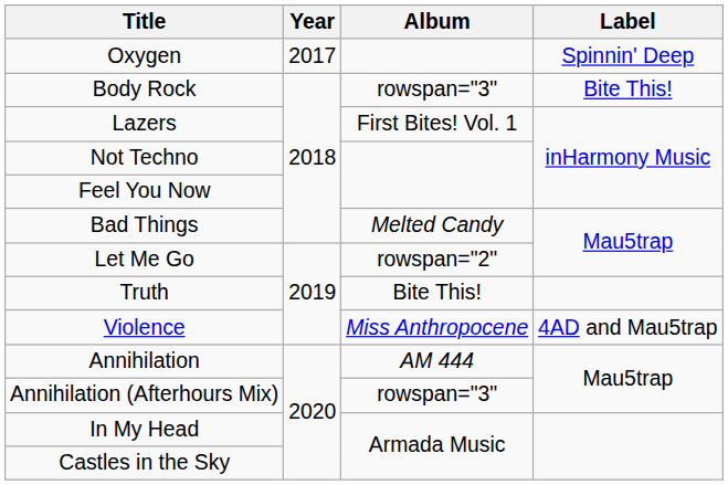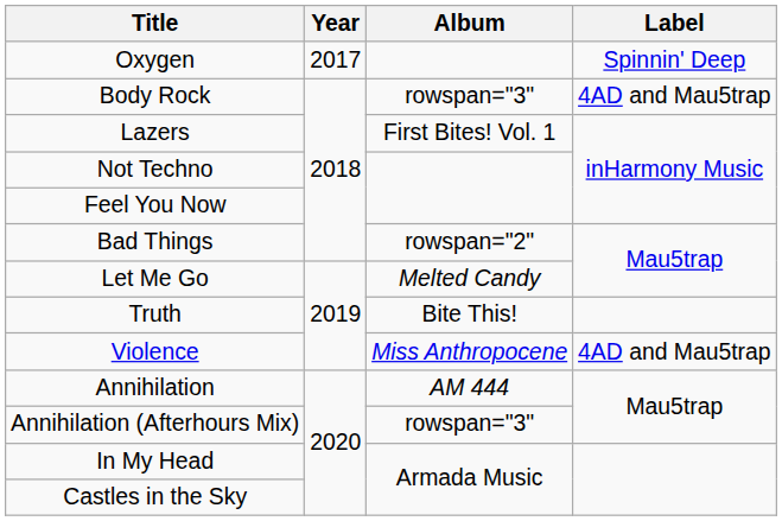 <table class="wikitable plainrowheaders" style="text-align:center;">
 <tr>
 <th scope="col">Title</th>
 <th scope="col">Year</th>
 <th scope="col">Album</th>
 <th scope="col">Label</th>
 </tr>
 <tr>
 <td>Oxygen </td>
 <td>2017</td>
 <td></td>
 <td><a href='#'>Spinnin' Deep</a></td>
 </tr>
 <tr>
 <td>Body Rock</td>
 <td rowspan="5">2018</td>
 <td>rowspan="3" </td>
-<td><a href='#'>Bite This!</a></td>
+<td><a href='#'>4AD</a> and Mau5trap</td>
 </tr>
 <tr>
 <td>Lazers</td>
 <td>First Bites! Vol. 1</td>
 <td rowspan="3"><a href='#'>inHarmony Music</a></td>
 </tr>
 <tr>
 <td>Not Techno</td>
 </tr>
 <tr>
 <td>Feel You Now </td>
 </tr>
 <tr>
 <td>Bad Things </td>
-<td><em>Melted Candy</em></td>
+<td>rowspan="2" </td>
 <td rowspan="2"><a href='#'>Mau5trap</a></td>
 </tr>
 <tr>
 <td>Let Me Go </td>
 <td rowspan="3">2019</td>
-<td>rowspan="2" </td>
+<td><em>Melted Candy</em></td>
 </tr>
 <tr>
 <td>Truth </td>
 <td>Bite This!</td>
 </tr>
 <tr>
 <td><a href='#'>Violence</a> </td>
 <td><em><a href='#'>Miss Anthropocene</a></em></td>
 <td><a href='#'>4AD</a> and Mau5trap</td>
 </tr>
 <tr>
 <td>Annihilation </td>
 <td rowspan="4">2020</td>
 <td><em>AM 444</em></td>
 <td rowspan="2">Mau5trap</td>
 </tr>
 <tr>
 <td>Annihilation (Afterhours Mix) </td>
 <td>rowspan="3" </td>
 </tr>
 <tr>
 <td>In My Head</td>
 <td rowspan="2">Armada Music</td>
 </tr>
 <tr>
 <td>Castles in the Sky</td>
 </tr>
 </table>
